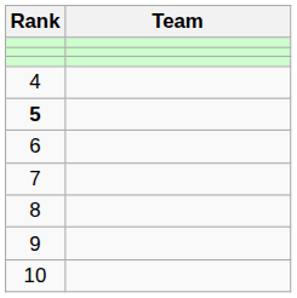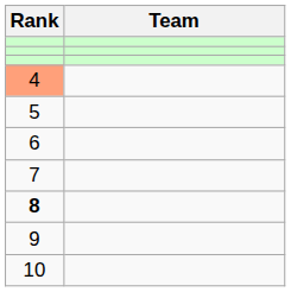 <table class="wikitable">
 <tr>
 <th>Rank</th>
 <th width=170>Team</th>
 </tr>
 <tr bgcolor=ccffcc>
 <td align=center></td>
 <td></td>
 </tr>
 <tr bgcolor=ccffcc>
 <td align=center></td>
 <td></td>
 </tr>
 <tr bgcolor=ccffcc>
 <td align=center></td>
 <td></td>
 </tr>
 <tr>
-<td align=center>4</td>
+<td align=center style="background: lightsalmon;">4</td>
 <td></td>
 </tr>
 <tr>
-<td align=center><strong>5</strong></td>
+<td align=center>5</td>
 <td></td>
 </tr>
 <tr>
 <td align=center>6</td>
 <td></td>
 </tr>
 <tr>
 <td align=center>7</td>
 <td></td>
 </tr>
 <tr>
-<td align=center>8</td>
+<td align=center><strong>8</strong></td>
 <td></td>
 </tr>
 <tr>
 <td align=center>9</td>
 <td></td>
 </tr>
 <tr>
 <td align=center>10</td>
 <td></td>
 </tr>
 </table>
